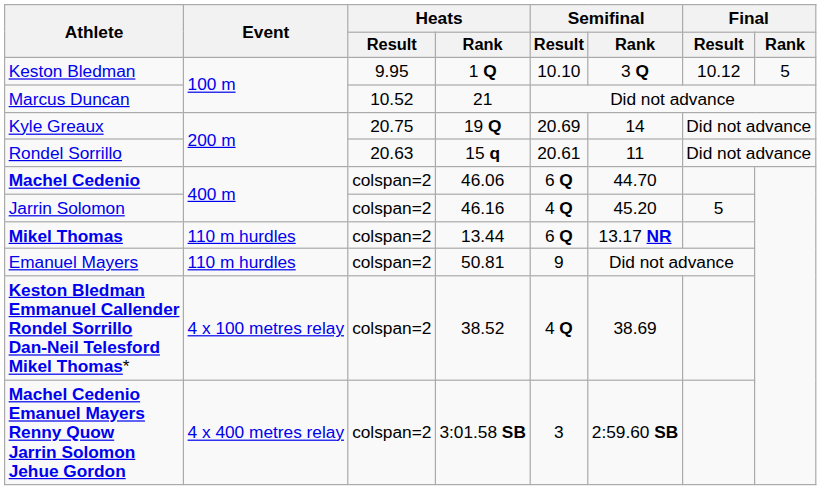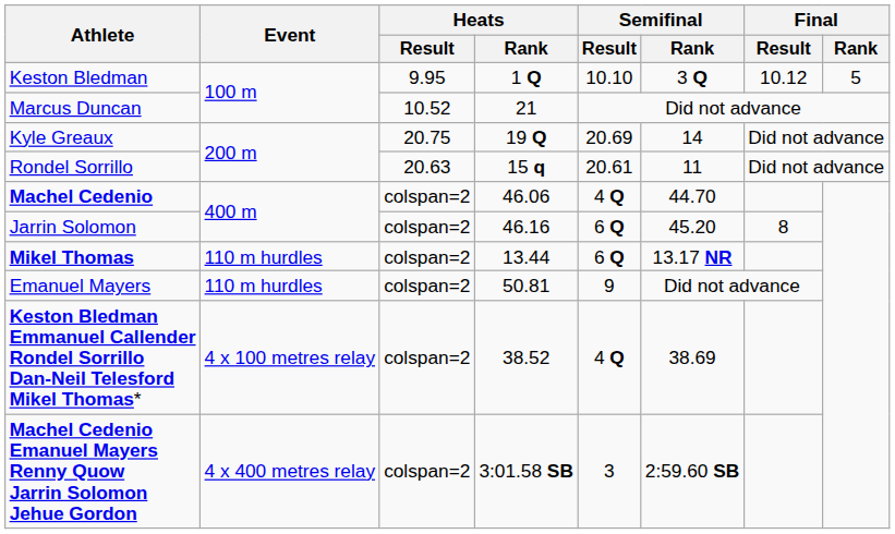 <table class=wikitable style="font-size:90%">
 <tr>
 <th rowspan="2">Athlete</th>
 <th rowspan="2">Event</th>
 <th colspan="2">Heats</th>
 <th colspan="2">Semifinal</th>
 <th colspan="2">Final</th>
 </tr>
 <tr style="font-size:95%">
 <th>Result</th>
 <th>Rank</th>
 <th>Result</th>
 <th>Rank</th>
 <th>Result</th>
 <th>Rank</th>
 </tr>
 <tr align=center>
 <td align=left><a href='#'>Keston Bledman</a></td>
 <td align=left rowspan="2"><a href='#'>100 m</a></td>
 <td>9.95</td>
 <td>1 <strong>Q</strong></td>
 <td>10.10</td>
 <td>3 <strong>Q</strong></td>
 <td>10.12</td>
 <td>5</td>
 </tr>
 <tr align=center>
 <td align=left><a href='#'>Marcus Duncan</a></td>
 <td>10.52</td>
 <td>21</td>
 <td colspan=4>Did not advance</td>
 </tr>
 <tr align=center>
 <td align=left><a href='#'>Kyle Greaux</a></td>
 <td align=left rowspan="2"><a href='#'>200 m</a></td>
 <td>20.75</td>
 <td>19 <strong>Q</strong></td>
 <td>20.69</td>
 <td>14</td>
 <td colspan=2>Did not advance</td>
 </tr>
 <tr align=center>
 <td align=left><a href='#'>Rondel Sorrillo</a></td>
 <td>20.63</td>
 <td>15 <strong>q</strong></td>
 <td>20.61</td>
 <td>11</td>
 <td colspan=2>Did not advance</td>
 </tr>
 <tr align=center>
 <td align=left><strong><a href='#'>Machel Cedenio</a></strong></td>
 <td align=left rowspan="2"><a href='#'>400 m</a></td>
 <td>colspan=2 </td>
 <td>46.06</td>
-<td>6  <strong>Q</strong></td>
+<td>4  <strong>Q</strong></td>
 <td>44.70</td>
 <td></td>
 </tr>
 <tr align=center>
 <td align=left><a href='#'>Jarrin Solomon</a></td>
 <td>colspan=2 </td>
 <td>46.16</td>
-<td>4  <strong>Q</strong></td>
+<td>6  <strong>Q</strong></td>
 <td>45.20</td>
-<td>5</td>
+<td>8</td>
 </tr>
 <tr align=center>
 <td align=left><strong><a href='#'>Mikel Thomas</a></strong></td>
 <td align=left><a href='#'>110 m hurdles</a></td>
 <td>colspan=2 </td>
 <td>13.44</td>
 <td>6 <strong>Q</strong></td>
 <td>13.17 <strong><a href='#'>NR</a></strong></td>
 <td></td>
 </tr>
 <tr align=center>
 <td align=left><a href='#'>Emanuel Mayers</a></td>
 <td align=left><a href='#'>110 m hurdles</a></td>
 <td>colspan=2 </td>
 <td>50.81</td>
 <td>9</td>
 <td colspan=2>Did not advance</td>
 </tr>
 <tr align=center>
 <td align=left><strong><a href='#'>Keston Bledman</a><br><a href='#'>Emmanuel Callender</a><br><a href='#'>Rondel Sorrillo</a><br><a href='#'>Dan-Neil Telesford</a><br><a href='#'>Mikel Thomas</a></strong>*</td>
 <td align=left><a href='#'>4 x 100 metres relay</a></td>
 <td>colspan=2 </td>
 <td>38.52</td>
 <td>4 <strong>Q</strong></td>
 <td>38.69</td>
 <td></td>
 </tr>
 <tr align=center>
 <td align=left><strong><a href='#'>Machel Cedenio</a><br><a href='#'>Emanuel Mayers</a><br><a href='#'>Renny Quow</a><br><a href='#'>Jarrin Solomon</a><br><a href='#'>Jehue Gordon</a></strong></td>
 <td align=left><a href='#'>4 x 400 metres relay</a></td>
 <td>colspan=2 </td>
 <td>3:01.58 <strong>SB</strong></td>
 <td>3</td>
 <td>2:59.60 <strong>SB</strong></td>
 <td></td>
 </tr>
 </table>
